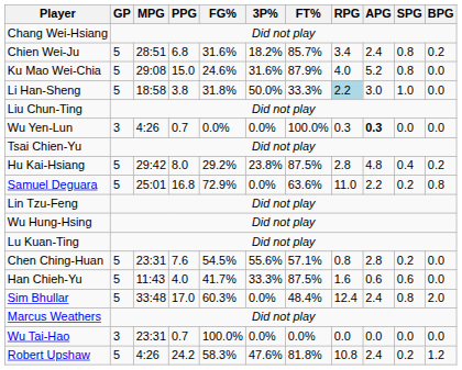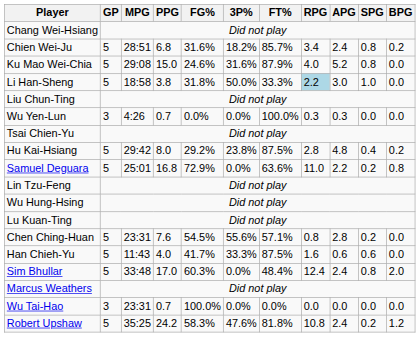 <table class="wikitable">
 <tr>
 <th>Player</th>
 <th>GP</th>
 <th>MPG</th>
 <th>PPG</th>
 <th>FG%</th>
 <th>3P%</th>
 <th>FT%</th>
 <th>RPG</th>
 <th>APG</th>
 <th>SPG</th>
 <th>BPG</th>
 </tr>
 <tr>
 <td>Chang Wei-Hsiang</td>
 <td colspan=10 align=center><em>Did not play</em></td>
 </tr>
 <tr>
 <td>Chien Wei-Ju</td>
 <td>5</td>
 <td>28:51</td>
 <td>6.8</td>
 <td>31.6%</td>
 <td>18.2%</td>
 <td>85.7%</td>
 <td>3.4</td>
 <td>2.4</td>
 <td>0.8</td>
 <td>0.2</td>
 </tr>
 <tr>
 <td>Ku Mao Wei-Chia</td>
 <td>5</td>
 <td>29:08</td>
 <td>15.0</td>
 <td>24.6%</td>
 <td>31.6%</td>
 <td>87.9%</td>
 <td>4.0</td>
 <td>5.2</td>
 <td>0.8</td>
 <td>0.0</td>
 </tr>
 <tr>
 <td>Li Han-Sheng</td>
 <td>5</td>
 <td>18:58</td>
 <td>3.8</td>
 <td>31.8%</td>
 <td>50.0%</td>
 <td>33.3%</td>
 <td style="background: lightblue;">2.2</td>
 <td>3.0</td>
 <td>1.0</td>
 <td>0.0</td>
 </tr>
 <tr>
 <td>Liu Chun-Ting</td>
 <td colspan=10 align=center><em>Did not play</em></td>
 </tr>
 <tr>
 <td>Wu Yen-Lun</td>
 <td>3</td>
 <td>4:26</td>
 <td>0.7</td>
 <td>0.0%</td>
 <td>0.0%</td>
 <td>100.0%</td>
 <td>0.3</td>
-<td><strong>0.3</strong></td>
+<td>0.3</td>
 <td>0.0</td>
 <td>0.0</td>
 </tr>
 <tr>
 <td>Tsai Chien-Yu</td>
 <td colspan=10 align=center><em>Did not play</em></td>
 </tr>
 <tr>
 <td>Hu Kai-Hsiang</td>
 <td>5</td>
 <td>29:42</td>
 <td>8.0</td>
 <td>29.2%</td>
 <td>23.8%</td>
 <td>87.5%</td>
 <td>2.8</td>
 <td>4.8</td>
 <td>0.4</td>
 <td>0.2</td>
 </tr>
 <tr>
 <td><a href='#'>Samuel Deguara</a></td>
 <td>5</td>
 <td>25:01</td>
 <td>16.8</td>
 <td>72.9%</td>
 <td>0.0%</td>
 <td>63.6%</td>
 <td>11.0</td>
 <td>2.2</td>
 <td>0.2</td>
 <td>0.8</td>
 </tr>
 <tr>
 <td>Lin Tzu-Feng</td>
 <td colspan=10 align=center><em>Did not play</em></td>
 </tr>
 <tr>
 <td>Wu Hung-Hsing</td>
 <td colspan=10 align=center><em>Did not play</em></td>
 </tr>
 <tr>
 <td>Lu Kuan-Ting</td>
 <td colspan=10 align=center><em>Did not play</em></td>
 </tr>
 <tr>
 <td>Chen Ching-Huan</td>
 <td>5</td>
 <td>23:31</td>
 <td>7.6</td>
 <td>54.5%</td>
 <td>55.6%</td>
 <td>57.1%</td>
 <td>0.8</td>
 <td>2.8</td>
 <td>0.2</td>
 <td>0.0</td>
 </tr>
 <tr>
 <td>Han Chieh-Yu</td>
 <td>5</td>
 <td>11:43</td>
 <td>4.0</td>
 <td>41.7%</td>
 <td>33.3%</td>
 <td>87.5%</td>
 <td>1.6</td>
 <td>0.6</td>
 <td>0.6</td>
 <td>0.0</td>
 </tr>
 <tr>
 <td><a href='#'>Sim Bhullar</a></td>
 <td>5</td>
 <td>33:48</td>
 <td>17.0</td>
 <td>60.3%</td>
 <td>0.0%</td>
 <td>48.4%</td>
 <td>12.4</td>
 <td>2.4</td>
 <td>0.8</td>
 <td>2.0</td>
 </tr>
 <tr>
 <td><a href='#'>Marcus Weathers</a></td>
 <td colspan=10 align=center><em>Did not play</em></td>
 </tr>
 <tr>
 <td><a href='#'>Wu Tai-Hao</a></td>
 <td>3</td>
 <td>23:31</td>
 <td>0.7</td>
 <td>100.0%</td>
 <td>0.0%</td>
 <td>0.0%</td>
 <td>0.0</td>
 <td>0.0</td>
 <td>0.0</td>
 <td>0.0</td>
 </tr>
 <tr>
 <td><a href='#'>Robert Upshaw</a></td>
 <td>5</td>
-<td>4:26</td>
+<td>35:25</td>
 <td>24.2</td>
 <td>58.3%</td>
 <td>47.6%</td>
 <td>81.8%</td>
 <td>10.8</td>
 <td>2.4</td>
 <td>0.2</td>
 <td>1.2</td>
 </tr>
 </table>
